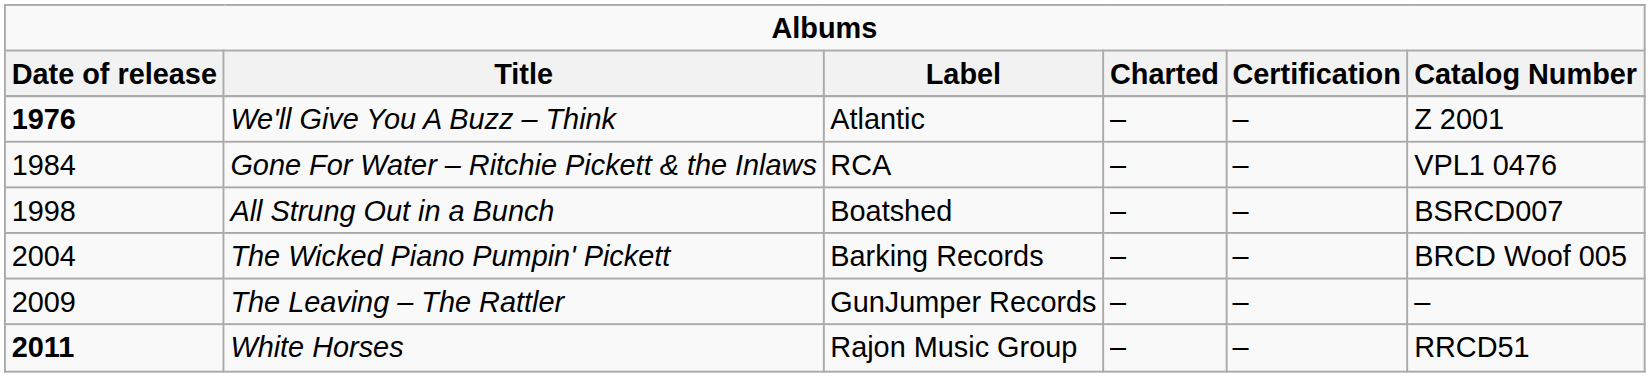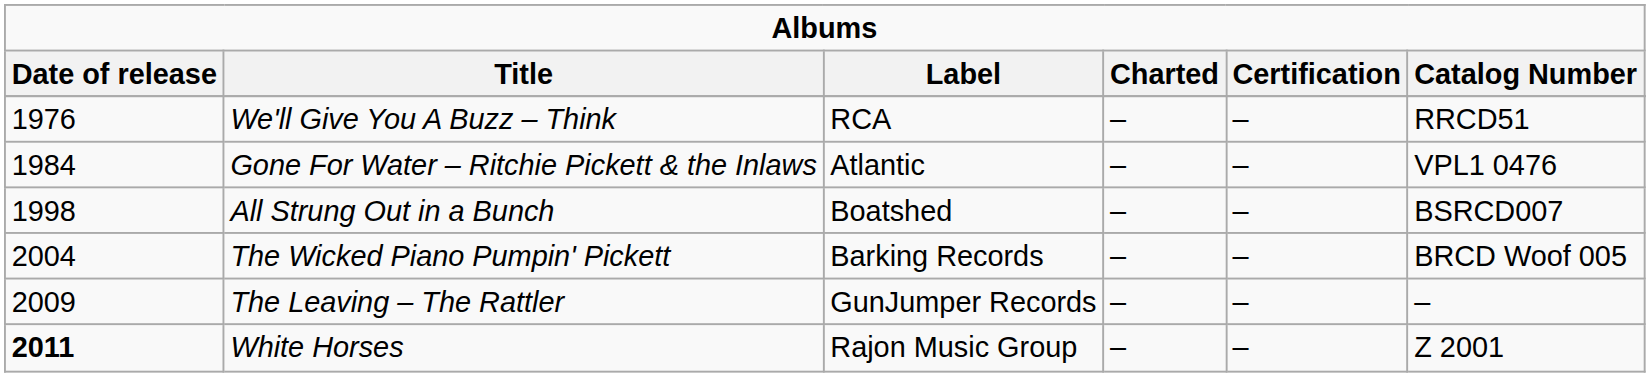 <table class="wikitable" style="font-size: 95%;">
 <tr>
 <td colspan=7 align=center><strong>Albums</strong></td>
 </tr>
 <tr>
 <th>Date of release</th>
 <th>Title</th>
 <th>Label</th>
 <th>Charted</th>
 <th>Certification</th>
 <th>Catalog Number</th>
 </tr>
 <tr bgcolor="#DDDDDD">
 </tr>
 <tr>
-<td><strong>1976</strong></td>
+<td>1976</td>
 <td><em>We'll Give You A Buzz – Think</em></td>
-<td>Atlantic</td>
+<td>RCA</td>
 <td>–</td>
 <td>–</td>
-<td>Z 2001</td>
+<td>RRCD51</td>
 </tr>
 <tr>
 <td>1984</td>
 <td><em>Gone For Water – Ritchie Pickett & the Inlaws</em></td>
-<td>RCA</td>
+<td>Atlantic</td>
 <td>–</td>
 <td>–</td>
 <td>VPL1 0476</td>
 </tr>
 <tr>
 <td>1998</td>
 <td><em>All Strung Out in a Bunch</em></td>
 <td>Boatshed</td>
 <td>–</td>
 <td>–</td>
 <td>BSRCD007</td>
 </tr>
 <tr>
 <td>2004</td>
 <td><em>The Wicked Piano Pumpin' Pickett</em></td>
 <td>Barking Records</td>
 <td>–</td>
 <td>–</td>
 <td>BRCD Woof 005</td>
 </tr>
 <tr>
 <td>2009</td>
 <td><em>The Leaving – The Rattler</em></td>
 <td>GunJumper Records</td>
 <td>–</td>
 <td>–</td>
 <td>–</td>
 </tr>
 <tr>
 <td><strong>2011</strong></td>
 <td><em>White Horses</em></td>
 <td>Rajon Music Group</td>
 <td>–</td>
 <td>–</td>
-<td>RRCD51</td>
+<td>Z 2001</td>
 </tr>
 </table>
